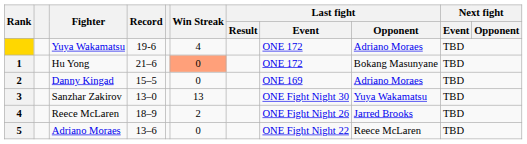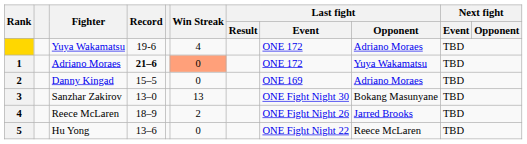 <table class="wikitable" style="display: inline-table;">
 <tr>
 <th rowspan=2>Rank</th>
 <th width=3% rowspan=2></th>
 <th rowspan=2>Fighter</th>
 <th rowspan=2>Record</th>
 <th rowspan=2></th>
 <th rowspan=2>Win Streak</th>
 <th colspan=3>Last fight</th>
 <th colspan=2>Next fight</th>
 </tr>
 <tr>
 <th>Result</th>
 <th>Event</th>
 <th>Opponent</th>
 <th>Event</th>
 <th>Opponent</th>
 </tr>
 <tr>
 <th style="background:gold"></th>
 <td></td>
 <td><a href='#'>Yuya Wakamatsu</a></td>
 <td align="center">19-6</td>
 <td align="center"></td>
 <td align=center>4</td>
 <td></td>
 <td><a href='#'>ONE 172</a></td>
 <td><a href='#'>Adriano Moraes</a></td>
 <td colspan=2>TBD</td>
 </tr>
 <tr>
 <th>1</th>
 <td></td>
-<td>Hu Yong</td>
-<td align="center">21–6</td>
+<td><a href='#'>Adriano Moraes</a></td>
+<td align="center"><strong>21–6</strong></td>
 <td align="center"></td>
 <td align=center style="background: lightsalmon;">0</td>
 <td></td>
 <td><a href='#'>ONE 172</a></td>
-<td>Bokang Masunyane</td>
+<td><a href='#'>Yuya Wakamatsu</a></td>
 <td colspan=2>TBD</td>
 </tr>
 <tr>
 <th>2</th>
 <td></td>
 <td><a href='#'>Danny Kingad</a></td>
 <td align="center">15–5</td>
 <td align="center"></td>
 <td align=center>0</td>
 <td></td>
 <td><a href='#'>ONE 169</a></td>
 <td><a href='#'>Adriano Moraes</a></td>
 <td colspan=2>TBD</td>
 </tr>
 <tr>
 <th>3</th>
 <td></td>
 <td>Sanzhar Zakirov</td>
 <td align="center">13–0</td>
 <td align="center"></td>
 <td align=center>13</td>
 <td></td>
 <td><a href='#'>ONE Fight Night 30</a></td>
-<td><a href='#'>Yuya Wakamatsu</a></td>
+<td>Bokang Masunyane</td>
 <td colspan=2>TBD</td>
 </tr>
 <tr>
 <th>4</th>
 <td></td>
 <td>Reece McLaren</td>
 <td align="center">18–9</td>
 <td align="center"></td>
 <td align=center>2</td>
 <td></td>
 <td><a href='#'>ONE Fight Night 26</a></td>
 <td><a href='#'>Jarred Brooks</a></td>
 <td colspan=2>TBD</td>
 </tr>
 <tr>
 <th>5</th>
 <td></td>
-<td><a href='#'>Adriano Moraes</a></td>
+<td>Hu Yong</td>
 <td align="center">13–6</td>
 <td align="center"></td>
 <td align=center>0</td>
 <td></td>
 <td><a href='#'>ONE Fight Night 22</a></td>
 <td>Reece McLaren</td>
 <td colspan="2">TBD</td>
 </tr>
 </table>
